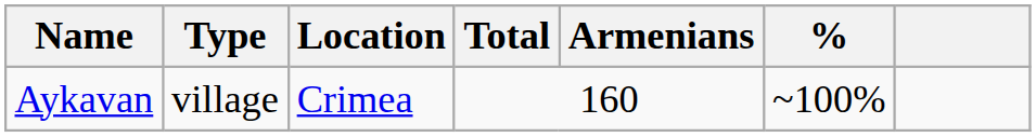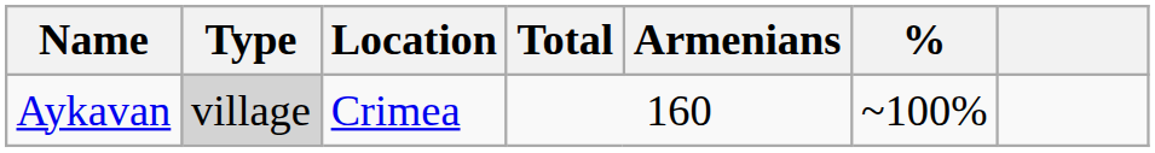 <table class="wikitable sortable">
 <tr>
 <th>Name</th>
 <th>Type</th>
 <th>Location</th>
 <th>Total</th>
 <th>Armenians</th>
 <th>%</th>
 <th class="unsortable" style="width:3em"></th>
 </tr>
 <tr>
 <td><a href='#'>Aykavan</a></td>
-<td>village</td>
+<td style="background: lightgrey;">village</td>
 <td> <a href='#'>Crimea</a></td>
 <td colspan="2" align="center">160</td>
 <td align="center">~100%</td>
 <td align="center"></td>
 </tr>
 </table>
